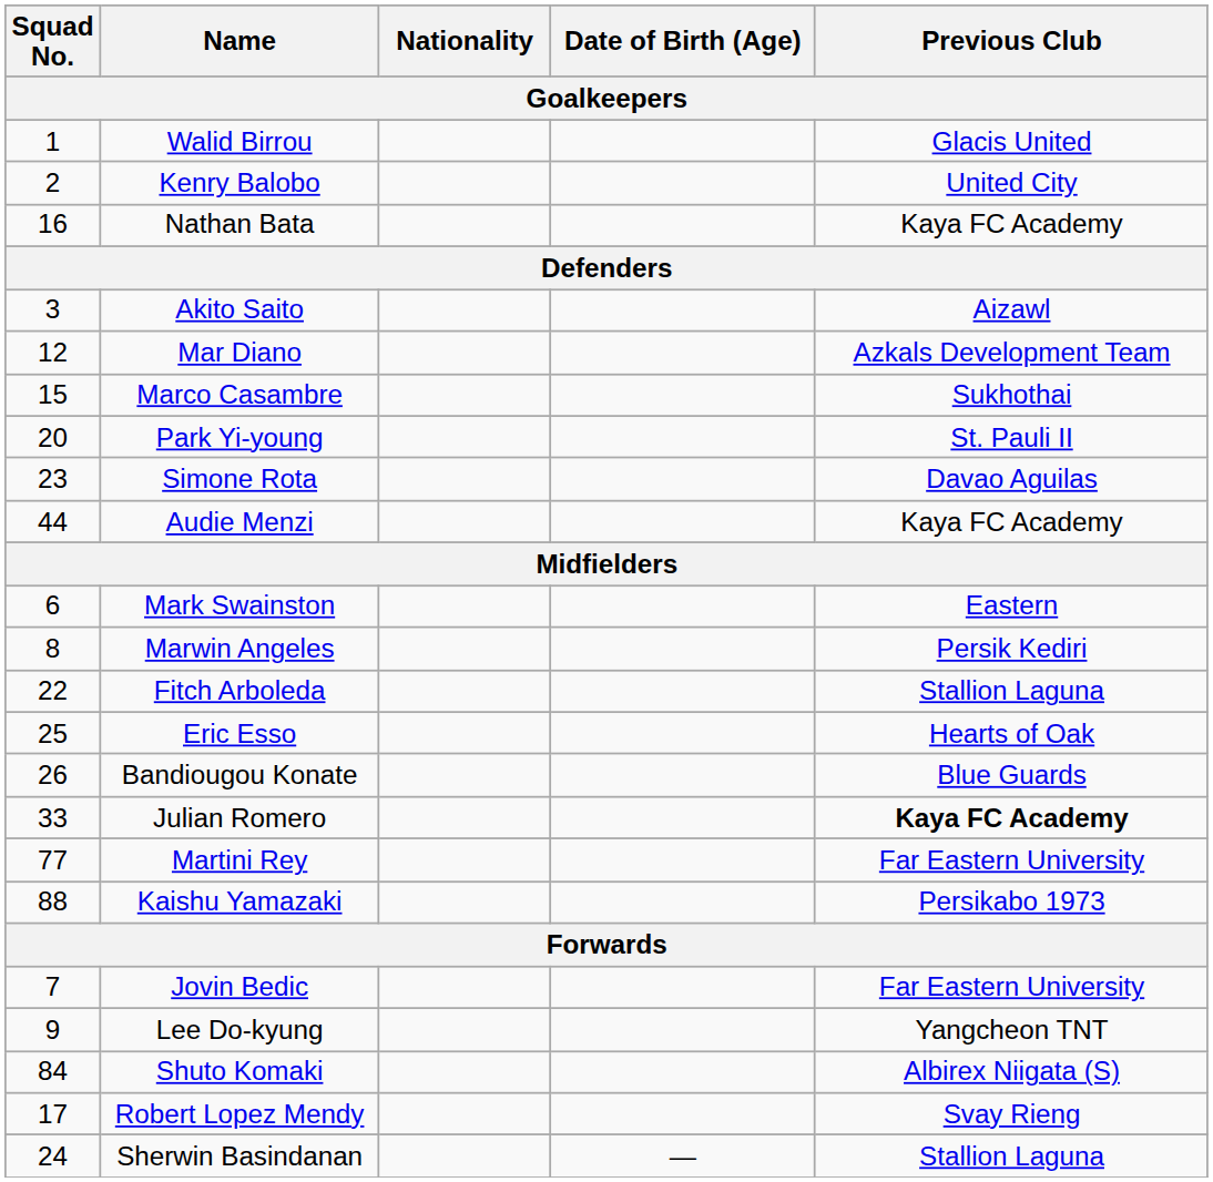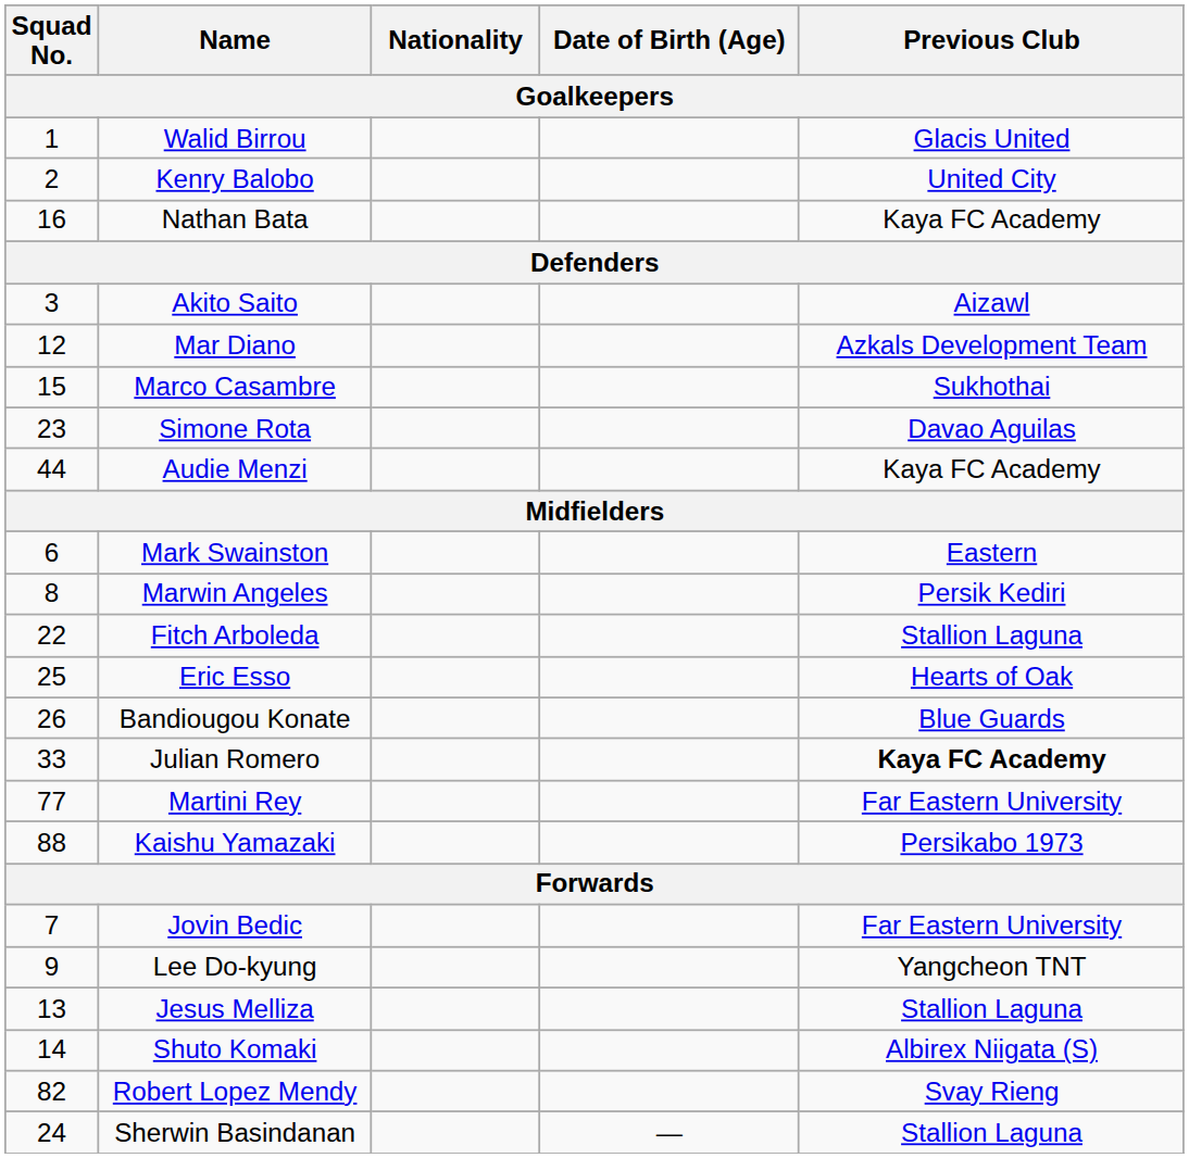 <table class="wikitable" style="text-align:center; font-size:85%;">
 <tr>
 <th style="width:40px;">Squad No.</th>
 <th style="width:250px;">Name</th>
 <th style="width:100px;">Nationality</th>
 <th style="width:300px;">Date of Birth (Age)</th>
 <th style="width:400px;">Previous Club</th>
 </tr>
 <tr>
 <th colspan=5>Goalkeepers</th>
 </tr>
 <tr>
 <td>1</td>
 <td><a href='#'>Walid Birrou</a></td>
 <td></td>
 <td></td>
 <td> <a href='#'>Glacis United</a></td>
 </tr>
 <tr>
 <td>2</td>
 <td><a href='#'>Kenry Balobo</a></td>
 <td></td>
 <td></td>
 <td> <a href='#'>United City</a></td>
 </tr>
 <tr>
 <td>16</td>
 <td>Nathan Bata</td>
 <td></td>
 <td></td>
 <td> Kaya FC Academy</td>
 </tr>
 <tr>
 <th colspan=5>Defenders</th>
 </tr>
 <tr>
 <td>3</td>
 <td><a href='#'>Akito Saito</a></td>
 <td></td>
 <td></td>
 <td> <a href='#'>Aizawl</a></td>
 </tr>
 <tr>
 <td>12</td>
 <td><a href='#'>Mar Diano</a></td>
 <td></td>
 <td></td>
 <td> <a href='#'>Azkals Development Team</a></td>
 </tr>
 <tr>
 <td>15</td>
 <td><a href='#'>Marco Casambre</a></td>
 <td></td>
 <td></td>
 <td> <a href='#'>Sukhothai</a></td>
-</tr>
-<tr>
-<td>20</td>
-<td><a href='#'>Park Yi-young</a></td>
-<td></td>
-<td></td>
-<td> <a href='#'>St. Pauli II</a></td>
 </tr>
 <tr>
 <td>23</td>
 <td><a href='#'>Simone Rota</a></td>
 <td> </td>
 <td></td>
 <td> <a href='#'>Davao Aguilas</a></td>
 </tr>
 <tr>
 <td>44</td>
 <td><a href='#'>Audie Menzi</a></td>
 <td></td>
 <td></td>
 <td> Kaya FC Academy</td>
 </tr>
 <tr>
 <th colspan=5>Midfielders</th>
 </tr>
 <tr>
 <td>6</td>
 <td><a href='#'>Mark Swainston</a></td>
 <td> </td>
 <td></td>
 <td> <a href='#'>Eastern</a></td>
 </tr>
 <tr>
 <td>8</td>
 <td><a href='#'>Marwin Angeles</a></td>
 <td> </td>
 <td></td>
 <td> <a href='#'>Persik Kediri</a></td>
 </tr>
 <tr>
 <td>22</td>
 <td><a href='#'>Fitch Arboleda</a></td>
 <td></td>
 <td></td>
 <td> <a href='#'>Stallion Laguna</a></td>
 </tr>
 <tr>
 <td>25</td>
 <td><a href='#'>Eric Esso</a></td>
 <td></td>
 <td></td>
 <td> <a href='#'>Hearts of Oak</a></td>
 </tr>
 <tr>
 <td>26</td>
 <td>Bandiougou Konate</td>
 <td></td>
 <td></td>
 <td> <a href='#'>Blue Guards</a></td>
 </tr>
 <tr>
 <td>33</td>
 <td>Julian Romero</td>
 <td></td>
 <td></td>
 <td><strong> Kaya FC Academy</strong></td>
 </tr>
 <tr>
 <td>77</td>
 <td><a href='#'>Martini Rey</a></td>
 <td></td>
 <td></td>
 <td> <a href='#'>Far Eastern University</a></td>
 </tr>
 <tr>
 <td>88</td>
 <td><a href='#'>Kaishu Yamazaki</a></td>
 <td></td>
 <td></td>
 <td> <a href='#'>Persikabo 1973</a></td>
 </tr>
 <tr>
 <th colspan=5>Forwards</th>
 </tr>
 <tr>
 <td>7</td>
 <td><a href='#'>Jovin Bedic</a></td>
 <td></td>
 <td></td>
 <td> <a href='#'>Far Eastern University</a></td>
 </tr>
 <tr>
 <td>9</td>
 <td>Lee Do-kyung</td>
 <td></td>
 <td></td>
 <td> Yangcheon TNT</td>
 </tr>
 <tr>
-<td>84</td>
+<td>13</td>
+<td><a href='#'>Jesus Melliza</a></td>
+<td></td>
+<td></td>
+<td> <a href='#'>Stallion Laguna</a></td>
+</tr>
+<tr>
+<td>14</td>
 <td><a href='#'>Shuto Komaki</a></td>
 <td></td>
 <td></td>
 <td> <a href='#'>Albirex Niigata (S)</a></td>
 </tr>
 <tr>
-<td>17</td>
+<td>82</td>
 <td><a href='#'>Robert Lopez Mendy</a></td>
 <td></td>
 <td></td>
 <td> <a href='#'>Svay Rieng</a></td>
 </tr>
 <tr>
 <td>24</td>
 <td>Sherwin Basindanan</td>
 <td></td>
 <td>—</td>
 <td> <a href='#'>Stallion Laguna</a></td>
 </tr>
 <tr>
 </tr>
 </table>
